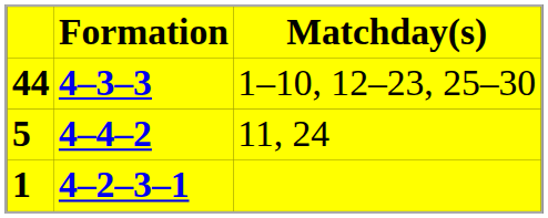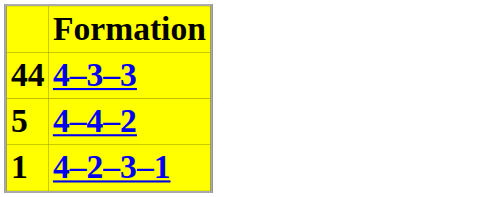 <table class="toccolours" border="0" cellpadding="2" cellspacing="0" align="center" style="margin: 0.5em 0 1em 1em; background: #000000; border: 1px #aaaaaa solid;">
 <tr bgcolor=#FFFF00>
 <th></th>
 <th>Formation</th>
-<th>Matchday(s)</th>
 </tr>
 <tr bgcolor=#FFFF00>
 <td><strong>44</strong></td>
 <td><a href='#'><span><strong>4–3–3</strong></span></a></td>
-<td>1–10, 12–23, 25–30</td>
 </tr>
 <tr bgcolor=#FFFF00>
 <td><strong>5</strong></td>
 <td><a href='#'><span><strong>4–4–2</strong></span></a></td>
-<td>11, 24</td>
 </tr>
 <tr bgcolor=#FFFF00>
 <td><strong>1</strong></td>
 <td><a href='#'><span><strong>4–2–3–1</strong></span></a></td>
-<td></td>
 </tr>
 </table>
